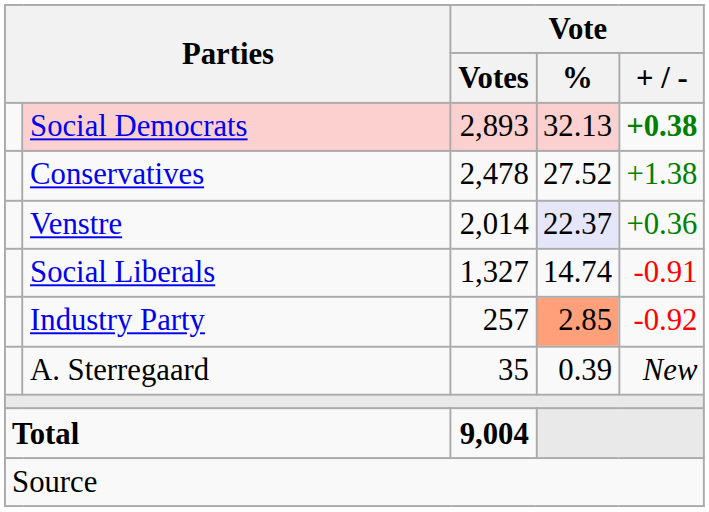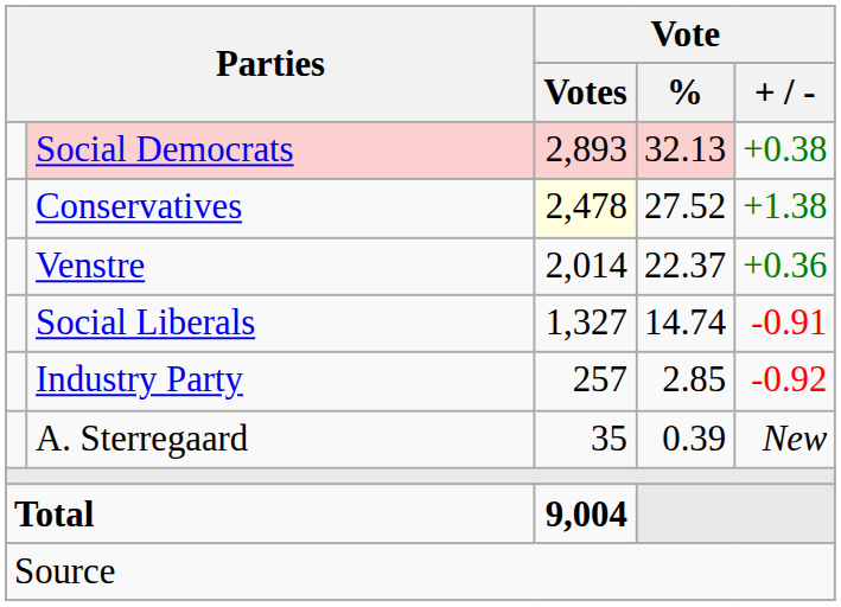 <table class="wikitable" style="text-align:right;">
 <tr>
 <th style="text-align:centre;" rowspan="2" colspan="2" width="225">Parties</th>
 <th colspan="3">Vote</th>
 </tr>
 <tr>
 <th width="15">Votes</th>
 <th width="15">%</th>
 <th width="15">+ / -</th>
 </tr>
 <tr>
 <td width="2" style="color:inherit;background:"></td>
 <td bgcolor=#fbd0ce  align="left"><a href='#'>Social Democrats</a></td>
 <td bgcolor=#fbd0ce>2,893</td>
 <td bgcolor=#fbd0ce>32.13</td>
-<td style=color:green;><strong>+0.38</strong></td>
+<td style=color:green;>+0.38</td>
 </tr>
 <tr>
 <td width="2" style="color:inherit;background:"></td>
 <td align="left"><a href='#'>Conservatives</a></td>
-<td>2,478</td>
+<td style="background: lightyellow;">2,478</td>
 <td>27.52</td>
 <td style=color:green;>+1.38</td>
 </tr>
 <tr>
 <td width="2" style="color:inherit;background:"></td>
 <td align="left"><a href='#'>Venstre</a></td>
 <td>2,014</td>
-<td style="background: lavender;">22.37</td>
+<td>22.37</td>
 <td style=color:green;>+0.36</td>
 </tr>
 <tr>
 <td width="2" style="color:inherit;background:"></td>
 <td align="left"><a href='#'>Social Liberals</a></td>
 <td>1,327</td>
 <td>14.74</td>
 <td style=color:red;>-0.91</td>
 </tr>
 <tr>
 <td width="2" style="color:inherit;background:"></td>
 <td align="left"><a href='#'>Industry Party</a></td>
 <td>257</td>
-<td style="background: lightsalmon;">2.85</td>
+<td>2.85</td>
 <td style=color:red;>-0.92</td>
 </tr>
 <tr>
 <td width="2" style="color:inherit;background:"></td>
 <td align="left">A. Sterregaard</td>
 <td>35</td>
 <td>0.39</td>
 <td><em>New</em></td>
 </tr>
 <tr>
 <td colspan="7" bgcolor="#E9E9E9"></td>
 </tr>
 <tr>
 <td align="left" colspan="2"><strong>Total</strong></td>
 <td><strong>9,004</strong></td>
 <td bgcolor="#E9E9E9" colspan="2"></td>
 </tr>
 <tr>
 <td align="left" colspan="6">Source</td>
 </tr>
 </table>
